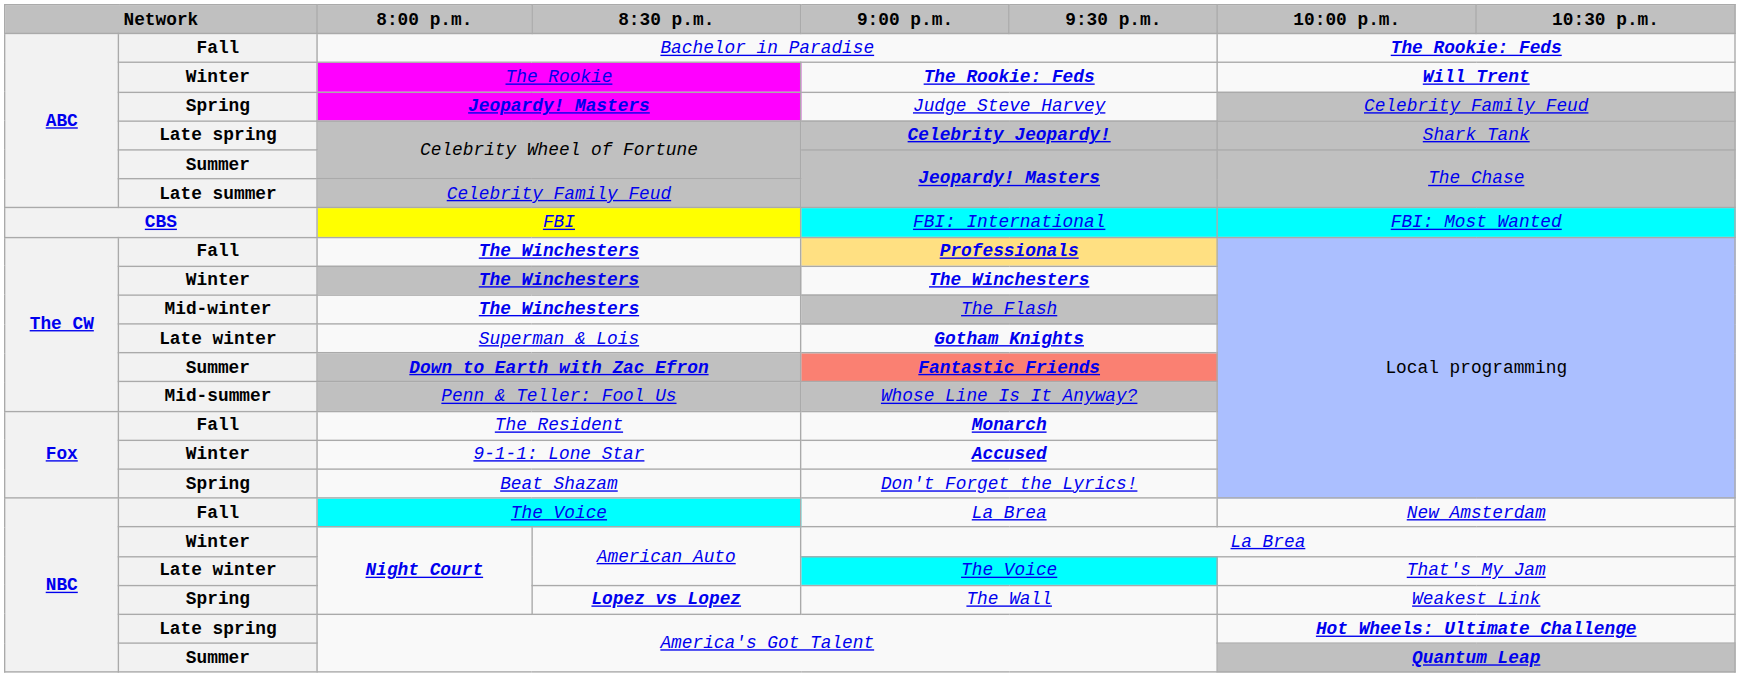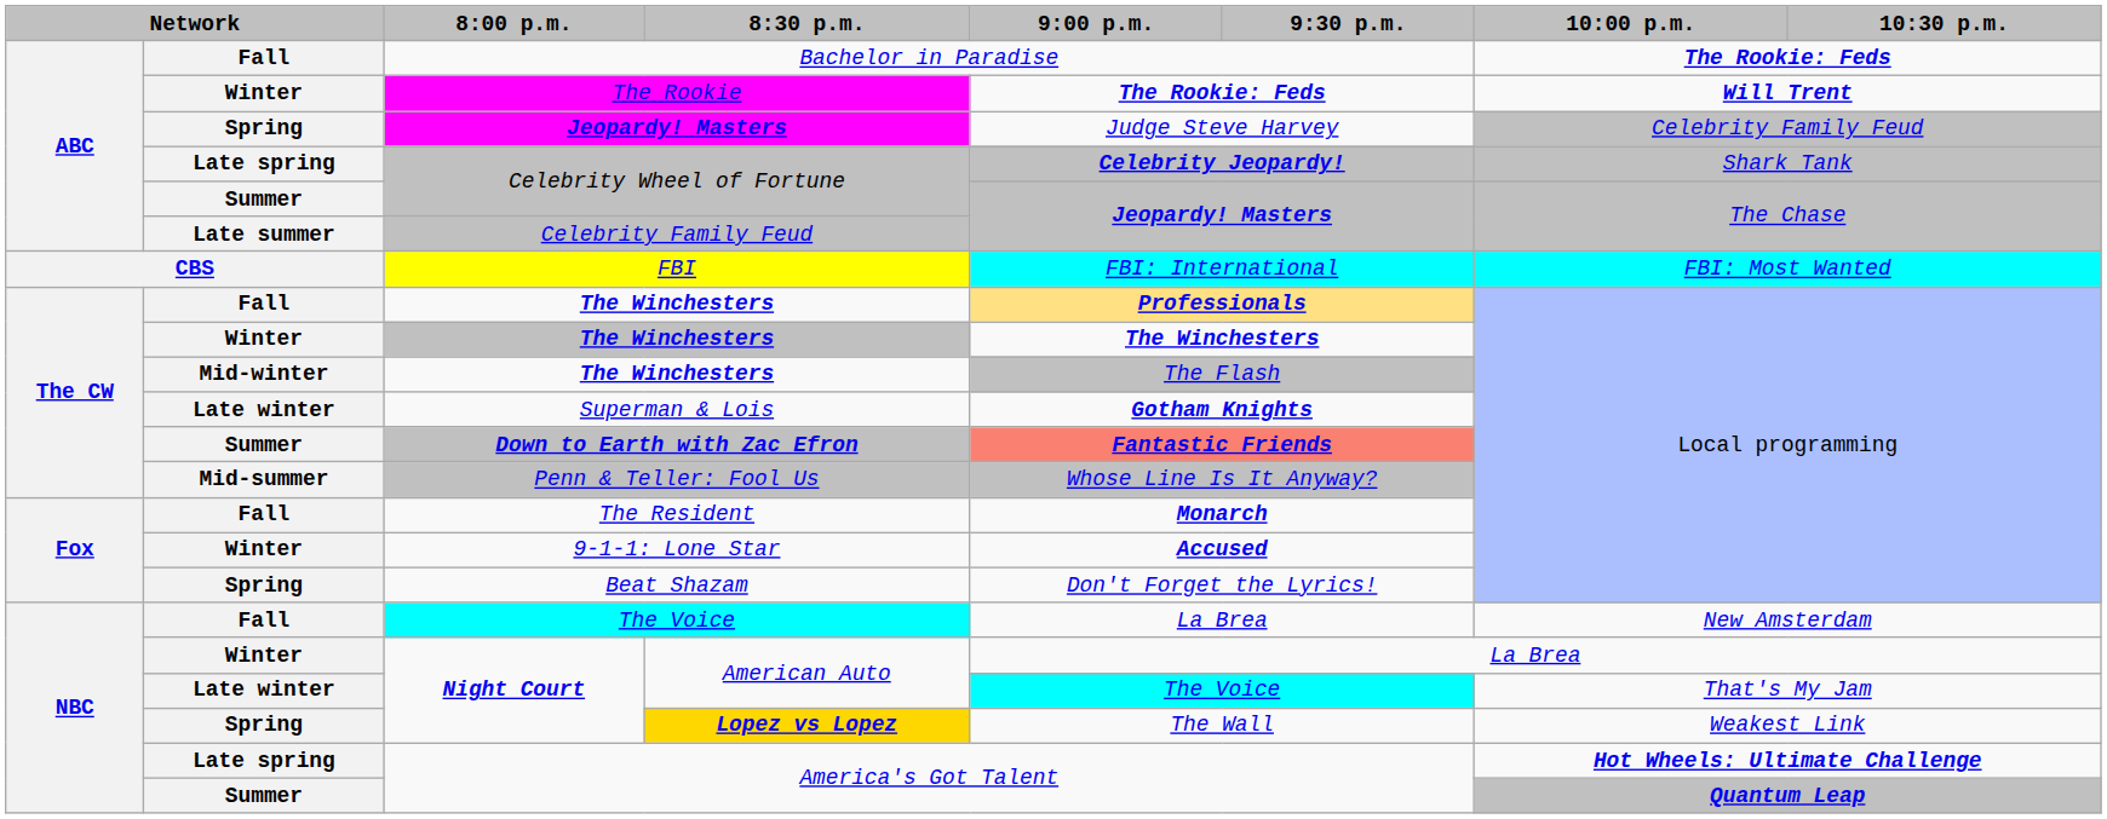 <table class="wikitable" style="width:100%;margin-right:0;text-align:center">
 <tr>
 <th colspan="2" style="background-color:#C0C0C0;text-align:center">Network</th>
 <th style="background-color:#C0C0C0;text-align:center">8:00 p.m.</th>
 <th style="background-color:#C0C0C0;text-align:center">8:30 p.m.</th>
 <th style="background-color:#C0C0C0;text-align:center">9:00 p.m.</th>
 <th style="background-color:#C0C0C0;text-align:center">9:30 p.m.</th>
 <th style="background-color:#C0C0C0;text-align:center">10:00 p.m.</th>
 <th style="background-color:#C0C0C0;text-align:center">10:30 p.m.</th>
 </tr>
 <tr>
 <th rowspan="6"><a href='#'>ABC</a></th>
 <th>Fall</th>
 <td colspan="4"><em><a href='#'>Bachelor in Paradise</a></em></td>
 <td colspan="2"><strong><em><a href='#'>The Rookie: Feds</a></em></strong></td>
 </tr>
 <tr>
 <th>Winter</th>
 <td colspan="2" style="background:magenta;"><em><a href='#'>The Rookie</a></em> </td>
 <td colspan="2"><strong><em><a href='#'>The Rookie: Feds</a></em></strong></td>
 <td colspan="2"><strong><em><a href='#'>Will Trent</a></em></strong></td>
 </tr>
 <tr>
 <th>Spring</th>
 <td colspan="2" style="background:magenta;"><strong><em><a href='#'>Jeopardy! Masters</a></em></strong> </td>
 <td colspan="2"><em><a href='#'>Judge Steve Harvey</a></em></td>
 <td colspan="2" style="background:#C0C0C0;"><em><a href='#'>Celebrity Family Feud</a></em> </td>
 </tr>
 <tr>
 <th>Late spring</th>
 <td rowspan="2" colspan="2" style="background:#C0C0C0;"><em>Celebrity Wheel of Fortune</em> </td>
 <td colspan="2" style="background:#C0C0C0;"><strong><em><a href='#'>Celebrity Jeopardy!</a></em></strong> </td>
 <td colspan="2" style="background:#C0C0C0;"><em><a href='#'>Shark Tank</a></em> </td>
 </tr>
 <tr>
 <th>Summer</th>
 <td rowspan="2" colspan="2" style="background:#C0C0C0;"><strong><em><a href='#'>Jeopardy! Masters</a></em></strong> </td>
 <td rowspan="2" colspan="2" style="background:#C0C0C0;"><em><a href='#'>The Chase</a></em> </td>
 </tr>
 <tr>
 <th>Late summer</th>
 <td colspan="2" style="background:#C0C0C0;"><em><a href='#'>Celebrity Family Feud</a></em> </td>
 </tr>
 <tr>
 <th colspan="2"><a href='#'>CBS</a></th>
 <td colspan="2" style="background:yellow;"><em><a href='#'>FBI</a></em> </td>
 <td colspan="2" style="background:cyan;"><em><a href='#'>FBI: International</a></em> </td>
 <td colspan="2" style="background:cyan;"><em><a href='#'>FBI: Most Wanted</a></em> </td>
 </tr>
 <tr>
 <th rowspan="6"><a href='#'>The CW</a></th>
 <th>Fall</th>
 <td colspan="2"><strong><em><a href='#'>The Winchesters</a></em></strong></td>
 <td colspan="2" style="background:#FFE082"><strong><em><a href='#'>Professionals</a></em></strong></td>
 <td rowspan="9" colspan="2" style="background:#abbfff">Local programming</td>
 </tr>
 <tr>
 <th>Winter</th>
 <td colspan="2" style="background:#C0C0C0;"><strong><em><a href='#'>The Winchesters</a></em></strong> </td>
 <td colspan="2"><strong><em><a href='#'>The Winchesters</a></em></strong></td>
 </tr>
 <tr>
 <th>Mid-winter</th>
 <td colspan="2"><strong><em><a href='#'>The Winchesters</a></em></strong></td>
 <td colspan="2" style="background:#C0C0C0;"><em><a href='#'>The Flash</a></em> </td>
 </tr>
 <tr>
 <th>Late winter</th>
 <td colspan="2"><em><a href='#'>Superman & Lois</a></em></td>
 <td colspan="2"><strong><em><a href='#'>Gotham Knights</a></em></strong></td>
 </tr>
 <tr>
 <th>Summer</th>
 <td colspan="2" style="background:#C0C0C0;"><strong><em><a href='#'>Down to Earth with Zac Efron</a></em></strong> </td>
 <td colspan="2" style="background:#FA8072;"><strong><em><a href='#'>Fantastic Friends</a></em></strong></td>
 </tr>
 <tr>
 <th>Mid-summer</th>
 <td colspan="2" style="background:#C0C0C0;"><em><a href='#'>Penn & Teller: Fool Us</a></em> </td>
 <td colspan="2" style="background:#C0C0C0;"><em><a href='#'>Whose Line Is It Anyway?</a></em> </td>
 </tr>
 <tr>
 <th rowspan="3"><a href='#'>Fox</a></th>
 <th>Fall</th>
 <td colspan="2"><em><a href='#'>The Resident</a></em></td>
 <td colspan="2"><strong><em><a href='#'>Monarch</a></em></strong></td>
 </tr>
 <tr>
 <th>Winter</th>
 <td colspan="2"><em><a href='#'>9-1-1: Lone Star</a></em></td>
 <td colspan="2"><strong><em><a href='#'>Accused</a></em></strong></td>
 </tr>
 <tr>
 <th>Spring</th>
 <td colspan="2"><em><a href='#'>Beat Shazam</a></em></td>
 <td colspan="2"><em><a href='#'>Don't Forget the Lyrics!</a></em></td>
 </tr>
 <tr>
 <th rowspan="6"><a href='#'>NBC</a></th>
 <th>Fall</th>
 <td colspan="2" style="background:cyan;"><em><a href='#'>The Voice</a></em> </td>
 <td colspan="2"><em><a href='#'>La Brea</a></em></td>
 <td colspan="2"><em><a href='#'>New Amsterdam</a></em></td>
 </tr>
 <tr>
 <th>Winter</th>
 <td rowspan="3"><strong><em><a href='#'>Night Court</a></em></strong></td>
 <td rowspan="2"><em><a href='#'>American Auto</a></em></td>
 <td colspan="4"><em><a href='#'>La Brea</a></em></td>
 </tr>
 <tr>
 <th>Late winter</th>
 <td colspan="2" style="background:cyan;"><em><a href='#'>The Voice</a></em> </td>
 <td colspan="2"><em><a href='#'>That's My Jam</a></em></td>
 </tr>
 <tr>
 <th>Spring</th>
-<td><strong><em><a href='#'>Lopez vs Lopez</a></em></strong></td>
+<td style="background: gold;"><strong><em><a href='#'>Lopez vs Lopez</a></em></strong></td>
 <td colspan="2"><em><a href='#'>The Wall</a></em></td>
 <td colspan="2"><em><a href='#'>Weakest Link</a></em></td>
 </tr>
 <tr>
 <th>Late spring</th>
 <td rowspan="2" colspan="4"><em><a href='#'>America's Got Talent</a></em></td>
 <td colspan="2"><strong><em><a href='#'>Hot Wheels: Ultimate Challenge</a></em></strong></td>
 </tr>
 <tr>
 <th>Summer</th>
 <td colspan="2" style="background:#C0C0C0;"><strong><em><a href='#'>Quantum Leap</a></em></strong> </td>
 </tr>
 </table>
